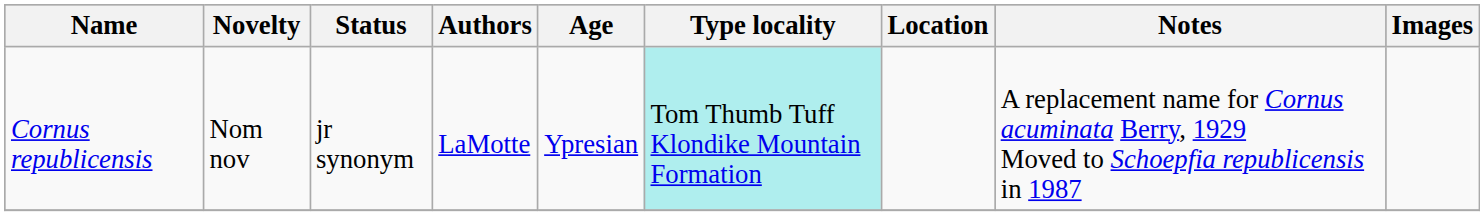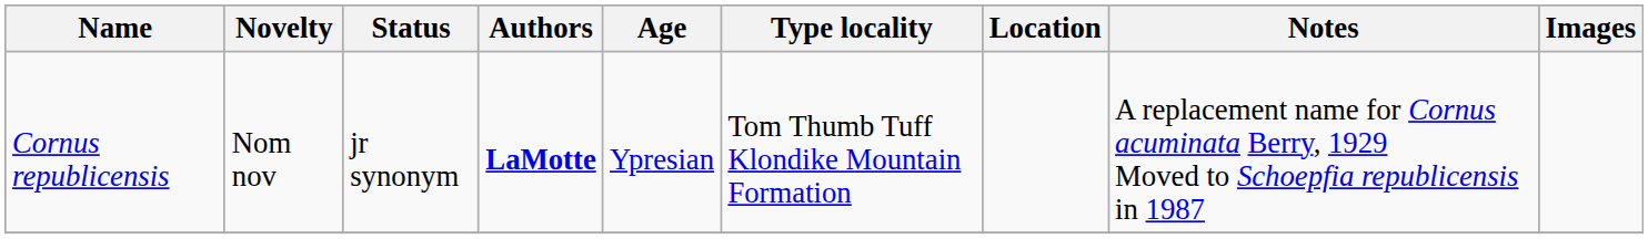 <table class="wikitable sortable" align="center" width="100%">
 <tr>
 <th>Name</th>
 <th>Novelty</th>
 <th>Status</th>
 <th>Authors</th>
 <th>Age</th>
 <th>Type locality</th>
 <th>Location</th>
 <th>Notes</th>
 <th>Images</th>
 </tr>
 <tr>
 <td><br><em><a href='#'>Cornus republicensis</a></em></td>
 <td><br>Nom nov</td>
 <td><br>jr synonym</td>
-<td><br><a href='#'>LaMotte</a></td>
+<td><strong><br><a href='#'>LaMotte</a></strong></td>
 <td><br><a href='#'>Ypresian</a></td>
-<td style="background: paleturquoise;"><br>Tom Thumb Tuff<br><a href='#'>Klondike Mountain Formation</a></td>
+<td><br>Tom Thumb Tuff<br><a href='#'>Klondike Mountain Formation</a></td>
 <td><br><br></td>
 <td><br>A replacement name for <em><a href='#'>Cornus acuminata</a></em> <a href='#'>Berry</a>, <a href='#'>1929</a><br> Moved to <em><a href='#'>Schoepfia republicensis</a></em> in <a href='#'>1987</a></td>
 <td><br></td>
 </tr>
 <tr>
 </tr>
 </table>
